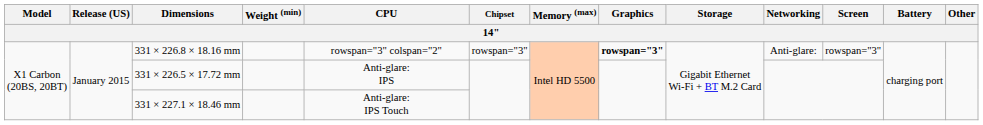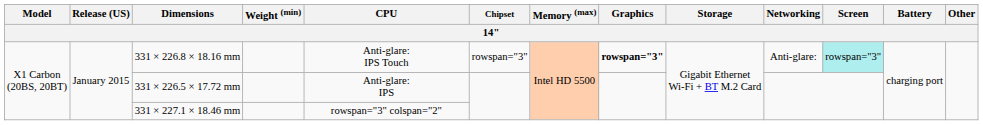 <table class="wikitable" style="font-size: 80%; text-align: center; min-width: 80%;">
 <tr>
 <th>Model</th>
 <th>Release (US)</th>
 <th>Dimensions</th>
 <th>Weight <sup>(min)</sup></th>
 <th style="width:17%">CPU</th>
 <th><small>Chipset</small></th>
 <th>Memory <sup>(max)</sup></th>
 <th>Graphics</th>
 <th>Storage</th>
 <th>Networking</th>
 <th>Screen</th>
 <th>Battery</th>
 <th>Other</th>
 </tr>
 <tr>
 <th colspan=13>14"</th>
 </tr>
 <tr>
 <td rowspan="3">X1 Carbon <br>(20BS, 20BT)</td>
 <td rowspan="3">January 2015</td>
 <td>331 × 226.8 × 18.16 mm</td>
 <td></td>
-<td>rowspan="3" colspan="2" </td>
+<td style="background:">Anti-glare: <br> IPS Touch</td>
 <td>rowspan="3" </td>
 <td rowspan="3" style="background:#ffcead;">Intel HD 5500</td>
 <td><strong>rowspan="3" </strong></td>
 <td rowspan="3"> Gigabit Ethernet<br>Wi-Fi + <a href='#'>BT</a> M.2 Card<br><small></small></td>
 <td style="background:">Anti-glare: <br></td>
-<td>rowspan="3" </td>
+<td style="background: paleturquoise;">rowspan="3" </td>
 <td rowspan="3"> charging port</td>
 </tr>
 <tr>
 <td>331 × 226.5 × 17.72 mm</td>
 <td></td>
 <td style="background:">Anti-glare: <br> IPS</td>
 </tr>
 <tr>
 <td>331 × 227.1 × 18.46 mm</td>
 <td></td>
-<td style="background:">Anti-glare: <br> IPS Touch</td>
+<td>rowspan="3" colspan="2" </td>
 </tr>
 </table>
